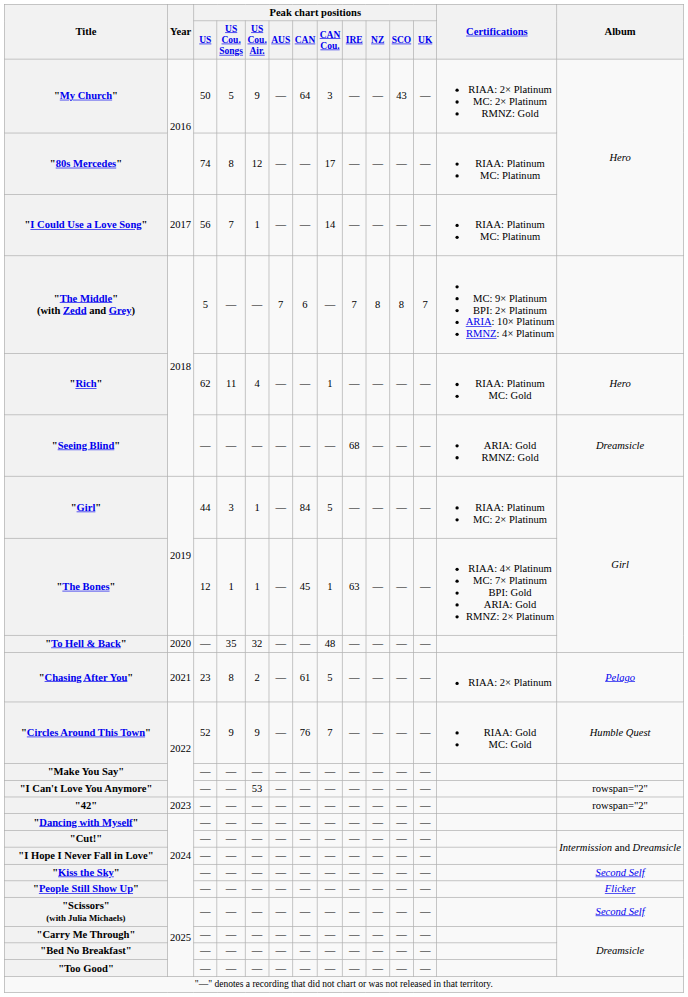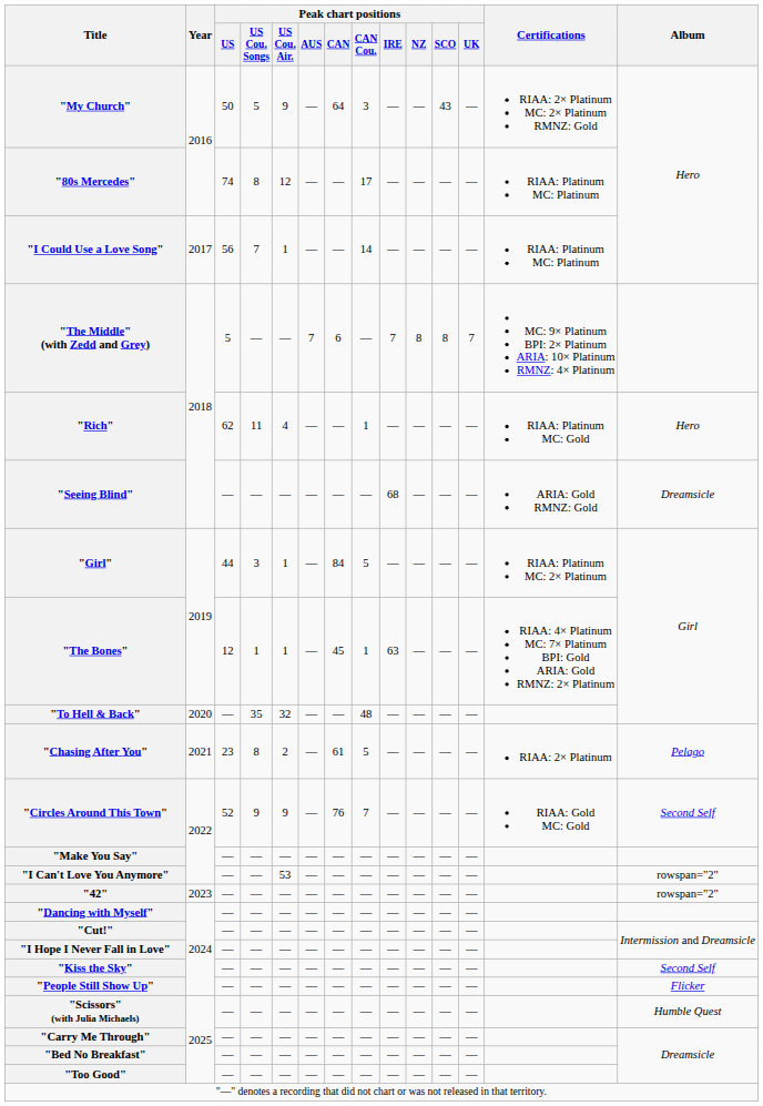 <table class="wikitable plainrowheaders" style="text-align:center;" border="1">
 <tr>
 <th scope="col" rowspan="2" style="width:15em;">Title</th>
 <th scope="col" rowspan="2">Year</th>
 <th scope="col" colspan="10">Peak chart positions</th>
 <th scope="col" rowspan="2"><a href='#'>Certifications</a></th>
 <th scope="col" rowspan="2">Album</th>
 </tr>
 <tr>
 <th scope="col" style="width:2em;font-size:90%;"><a href='#'>US</a><br></th>
 <th scope="col" style="width:2em;font-size:90%;"><a href='#'>US<br>Cou.<br>Songs</a><br></th>
 <th scope="col" style="width:2em;font-size:90%;"><a href='#'>US<br>Cou.<br>Air.</a><br></th>
 <th scope="col" style="width:2em;font-size:90%;"><a href='#'>AUS</a><br></th>
 <th scope="col" style="width:2em;font-size:90%;"><a href='#'>CAN</a><br></th>
 <th scope="col" style="width:2em;font-size:90%;"><a href='#'>CAN<br>Cou.</a><br></th>
 <th scope="col" style="width:2em;font-size:90%;"><a href='#'>IRE</a><br></th>
 <th scope="col" style="width:2em;font-size:90%;"><a href='#'>NZ</a><br></th>
 <th scope="col" style="width:2em;font-size:90%;"><a href='#'>SCO</a><br></th>
 <th scope="col" style="width:2em;font-size:90%;"><a href='#'>UK</a><br></th>
 </tr>
 <tr>
 <th scope="row">"<a href='#'>My Church</a>"</th>
 <td rowspan="2">2016</td>
 <td>50</td>
 <td>5</td>
 <td>9</td>
 <td>—</td>
 <td>64</td>
 <td>3</td>
 <td>—</td>
 <td>—</td>
 <td>43</td>
 <td>—</td>
 <td><br><ul><li>RIAA: 2× Platinum</li><li>MC: 2× Platinum</li><li>RMNZ: Gold</li></ul></td>
 <td rowspan="3"><em>Hero</em></td>
 </tr>
 <tr>
 <th scope="row">"<a href='#'>80s Mercedes</a>"</th>
 <td>74</td>
 <td>8</td>
 <td>12</td>
 <td>—</td>
 <td>—</td>
 <td>17</td>
 <td>—</td>
 <td>—</td>
 <td>—</td>
 <td>—</td>
 <td><br><ul><li>RIAA: Platinum</li><li>MC: Platinum</li></ul></td>
 </tr>
 <tr>
 <th scope="row">"<a href='#'>I Could Use a Love Song</a>"</th>
 <td>2017</td>
 <td>56</td>
 <td>7</td>
 <td>1</td>
 <td>—</td>
 <td>—</td>
 <td>14</td>
 <td>—</td>
 <td>—</td>
 <td>—</td>
 <td>—</td>
 <td><br><ul><li>RIAA: Platinum</li><li>MC: Platinum</li></ul></td>
 </tr>
 <tr>
 <th scope="row">"<a href='#'>The Middle</a>"<br><span>(with <a href='#'>Zedd</a> and <a href='#'>Grey</a>)</span></th>
 <td rowspan="3">2018</td>
 <td>5</td>
 <td>—</td>
 <td>—</td>
 <td>7</td>
 <td>6</td>
 <td>—</td>
 <td>7</td>
 <td>8</td>
 <td>8</td>
 <td>7</td>
 <td><br><ul><li></li><li>MC: 9× Platinum</li><li>BPI: 2× Platinum</li><li><a href='#'>ARIA</a>: 10× Platinum</li><li><a href='#'>RMNZ</a>: 4× Platinum</li></ul></td>
 <td></td>
 </tr>
 <tr>
 <th scope="row">"<a href='#'>Rich</a>"</th>
 <td>62</td>
 <td>11</td>
 <td>4</td>
 <td>—</td>
 <td>—</td>
 <td>1</td>
 <td>—</td>
 <td>—</td>
 <td>—</td>
 <td>—</td>
 <td><br><ul><li>RIAA: Platinum</li><li>MC: Gold</li></ul></td>
 <td><em>Hero</em></td>
 </tr>
 <tr>
 <th scope="row">"<a href='#'>Seeing Blind</a>"<br></th>
 <td>—</td>
 <td>—</td>
 <td>—</td>
 <td>—</td>
 <td>—</td>
 <td>—</td>
 <td>68</td>
 <td>—</td>
 <td>—</td>
 <td>—</td>
 <td><br><ul><li>ARIA: Gold</li><li>RMNZ: Gold</li></ul></td>
 <td><em>Dreamsicle</em></td>
 </tr>
 <tr>
 <th scope="row">"<a href='#'>Girl</a>"</th>
 <td rowspan="2">2019</td>
 <td>44</td>
 <td>3</td>
 <td>1</td>
 <td>—</td>
 <td>84</td>
 <td>5</td>
 <td>—</td>
 <td>—</td>
 <td>—</td>
 <td>—</td>
 <td><br><ul><li>RIAA: Platinum</li><li>MC: 2× Platinum</li></ul></td>
 <td rowspan="3"><em>Girl</em></td>
 </tr>
 <tr>
 <th scope="row">"<a href='#'>The Bones</a>"<br></th>
 <td>12</td>
 <td>1</td>
 <td>1</td>
 <td>—</td>
 <td>45</td>
 <td>1</td>
 <td>63</td>
 <td>—</td>
 <td>—</td>
 <td>—</td>
 <td><br><ul><li>RIAA: 4× Platinum</li><li>MC: 7× Platinum</li><li>BPI: Gold</li><li>ARIA: Gold</li><li>RMNZ: 2× Platinum</li></ul></td>
 </tr>
 <tr>
 <th scope="row">"<a href='#'>To Hell & Back</a>"</th>
 <td>2020</td>
 <td>—</td>
 <td>35</td>
 <td>32</td>
 <td>—</td>
 <td>—</td>
 <td>48</td>
 <td>—</td>
 <td>—</td>
 <td>—</td>
 <td>—</td>
 <td></td>
 </tr>
 <tr>
 <th scope="row">"<a href='#'>Chasing After You</a>"<br></th>
 <td>2021</td>
 <td>23</td>
 <td>8</td>
 <td>2</td>
 <td>—</td>
 <td>61</td>
 <td>5</td>
 <td>—</td>
 <td>—</td>
 <td>—</td>
 <td>—</td>
 <td><br><ul><li>RIAA: 2× Platinum</li></ul></td>
 <td><em><a href='#'>Pelago</a></em></td>
 </tr>
 <tr>
 <th scope="row">"<a href='#'>Circles Around This Town</a>"</th>
 <td rowspan="3">2022</td>
 <td>52</td>
 <td>9</td>
 <td>9</td>
 <td>—</td>
 <td>76</td>
 <td>7</td>
 <td>—</td>
 <td>—</td>
 <td>—</td>
 <td>—</td>
 <td><br><ul><li>RIAA: Gold</li><li>MC: Gold</li></ul></td>
-<td><em>Humble Quest</em></td>
+<td><em><a href='#'>Second Self</a></em></td>
 </tr>
 <tr>
 <th scope="row">"Make You Say"<br></th>
 <td>—</td>
 <td>—</td>
 <td>—</td>
 <td>—</td>
 <td>—</td>
 <td>—</td>
 <td>—</td>
 <td>—</td>
 <td>—</td>
 <td>—</td>
 <td></td>
 <td></td>
 </tr>
 <tr>
 <th scope="row">"I Can't Love You Anymore"</th>
 <td>—</td>
 <td>—</td>
 <td>53</td>
 <td>—</td>
 <td>—</td>
 <td>—</td>
 <td>—</td>
 <td>—</td>
 <td>—</td>
 <td>—</td>
 <td></td>
 <td>rowspan="2" </td>
 </tr>
 <tr>
 <th scope="row">"42"<br></th>
 <td>2023</td>
 <td>—</td>
 <td>—</td>
 <td>—</td>
 <td>—</td>
 <td>—</td>
 <td>—</td>
 <td>—</td>
 <td>—</td>
 <td>—</td>
 <td>—</td>
 <td></td>
 <td>rowspan="2" </td>
 </tr>
 <tr>
 <th scope="row">"<a href='#'>Dancing with Myself</a>"</th>
 <td rowspan="5">2024</td>
 <td>—</td>
 <td>—</td>
 <td>—</td>
 <td>—</td>
 <td>—</td>
 <td>—</td>
 <td>—</td>
 <td>—</td>
 <td>—</td>
 <td>—</td>
 <td></td>
 </tr>
 <tr>
 <th scope="row">"Cut!"<br></th>
 <td>—</td>
 <td>—</td>
 <td>—</td>
 <td>—</td>
 <td>—</td>
 <td>—</td>
 <td>—</td>
 <td>—</td>
 <td>—</td>
 <td>—</td>
 <td></td>
 <td rowspan="2"><em>Intermission</em> and <em>Dreamsicle</em></td>
 </tr>
 <tr>
 <th scope="row">"I Hope I Never Fall in Love"</th>
 <td>—</td>
 <td>—</td>
 <td>—</td>
 <td>—</td>
 <td>—</td>
 <td>—</td>
 <td>—</td>
 <td>—</td>
 <td>—</td>
 <td>—</td>
 <td></td>
 </tr>
 <tr>
 <th scope="row">"<a href='#'>Kiss the Sky</a>"</th>
 <td>—</td>
 <td>—</td>
 <td>—</td>
 <td>—</td>
 <td>—</td>
 <td>—</td>
 <td>—</td>
 <td>—</td>
 <td>—</td>
 <td>—</td>
 <td></td>
 <td><em><a href='#'>Second Self</a></em></td>
 </tr>
 <tr>
 <th scope="row">"<a href='#'>People Still Show Up</a>"</th>
 <td>—</td>
 <td>—</td>
 <td>—</td>
 <td>—</td>
 <td>—</td>
 <td>—</td>
 <td>—</td>
 <td>—</td>
 <td>—</td>
 <td>—</td>
 <td></td>
 <td><em><a href='#'>Flicker</a></em></td>
 </tr>
 <tr>
 <th scope="row">"Scissors"<br><small>(with Julia Michaels)</small></th>
 <td rowspan="4">2025</td>
 <td>—</td>
 <td>—</td>
 <td>—</td>
 <td>—</td>
 <td>—</td>
 <td>—</td>
 <td>—</td>
 <td>—</td>
 <td>—</td>
 <td>—</td>
 <td></td>
-<td><em><a href='#'>Second Self</a></em></td>
+<td><em>Humble Quest</em></td>
 </tr>
 <tr>
 <th scope="row">"Carry Me Through"</th>
 <td>—</td>
 <td>—</td>
 <td>—</td>
 <td>—</td>
 <td>—</td>
 <td>—</td>
 <td>—</td>
 <td>—</td>
 <td>—</td>
 <td>—</td>
 <td></td>
 <td rowspan="3"><em>Dreamsicle</em></td>
 </tr>
 <tr>
 <th scope="row">"Bed No Breakfast"</th>
 <td>—</td>
 <td>—</td>
 <td>—</td>
 <td>—</td>
 <td>—</td>
 <td>—</td>
 <td>—</td>
 <td>—</td>
 <td>—</td>
 <td>—</td>
 <td></td>
 </tr>
 <tr>
 <th scope="row">"Too Good"</th>
 <td>—</td>
 <td>—</td>
 <td>—</td>
 <td>—</td>
 <td>—</td>
 <td>—</td>
 <td>—</td>
 <td>—</td>
 <td>—</td>
 <td>—</td>
 <td></td>
 </tr>
 <tr>
 <td colspan="14" style="font-size:90%">"—" denotes a recording that did not chart or was not released in that territory.</td>
 </tr>
 </table>
